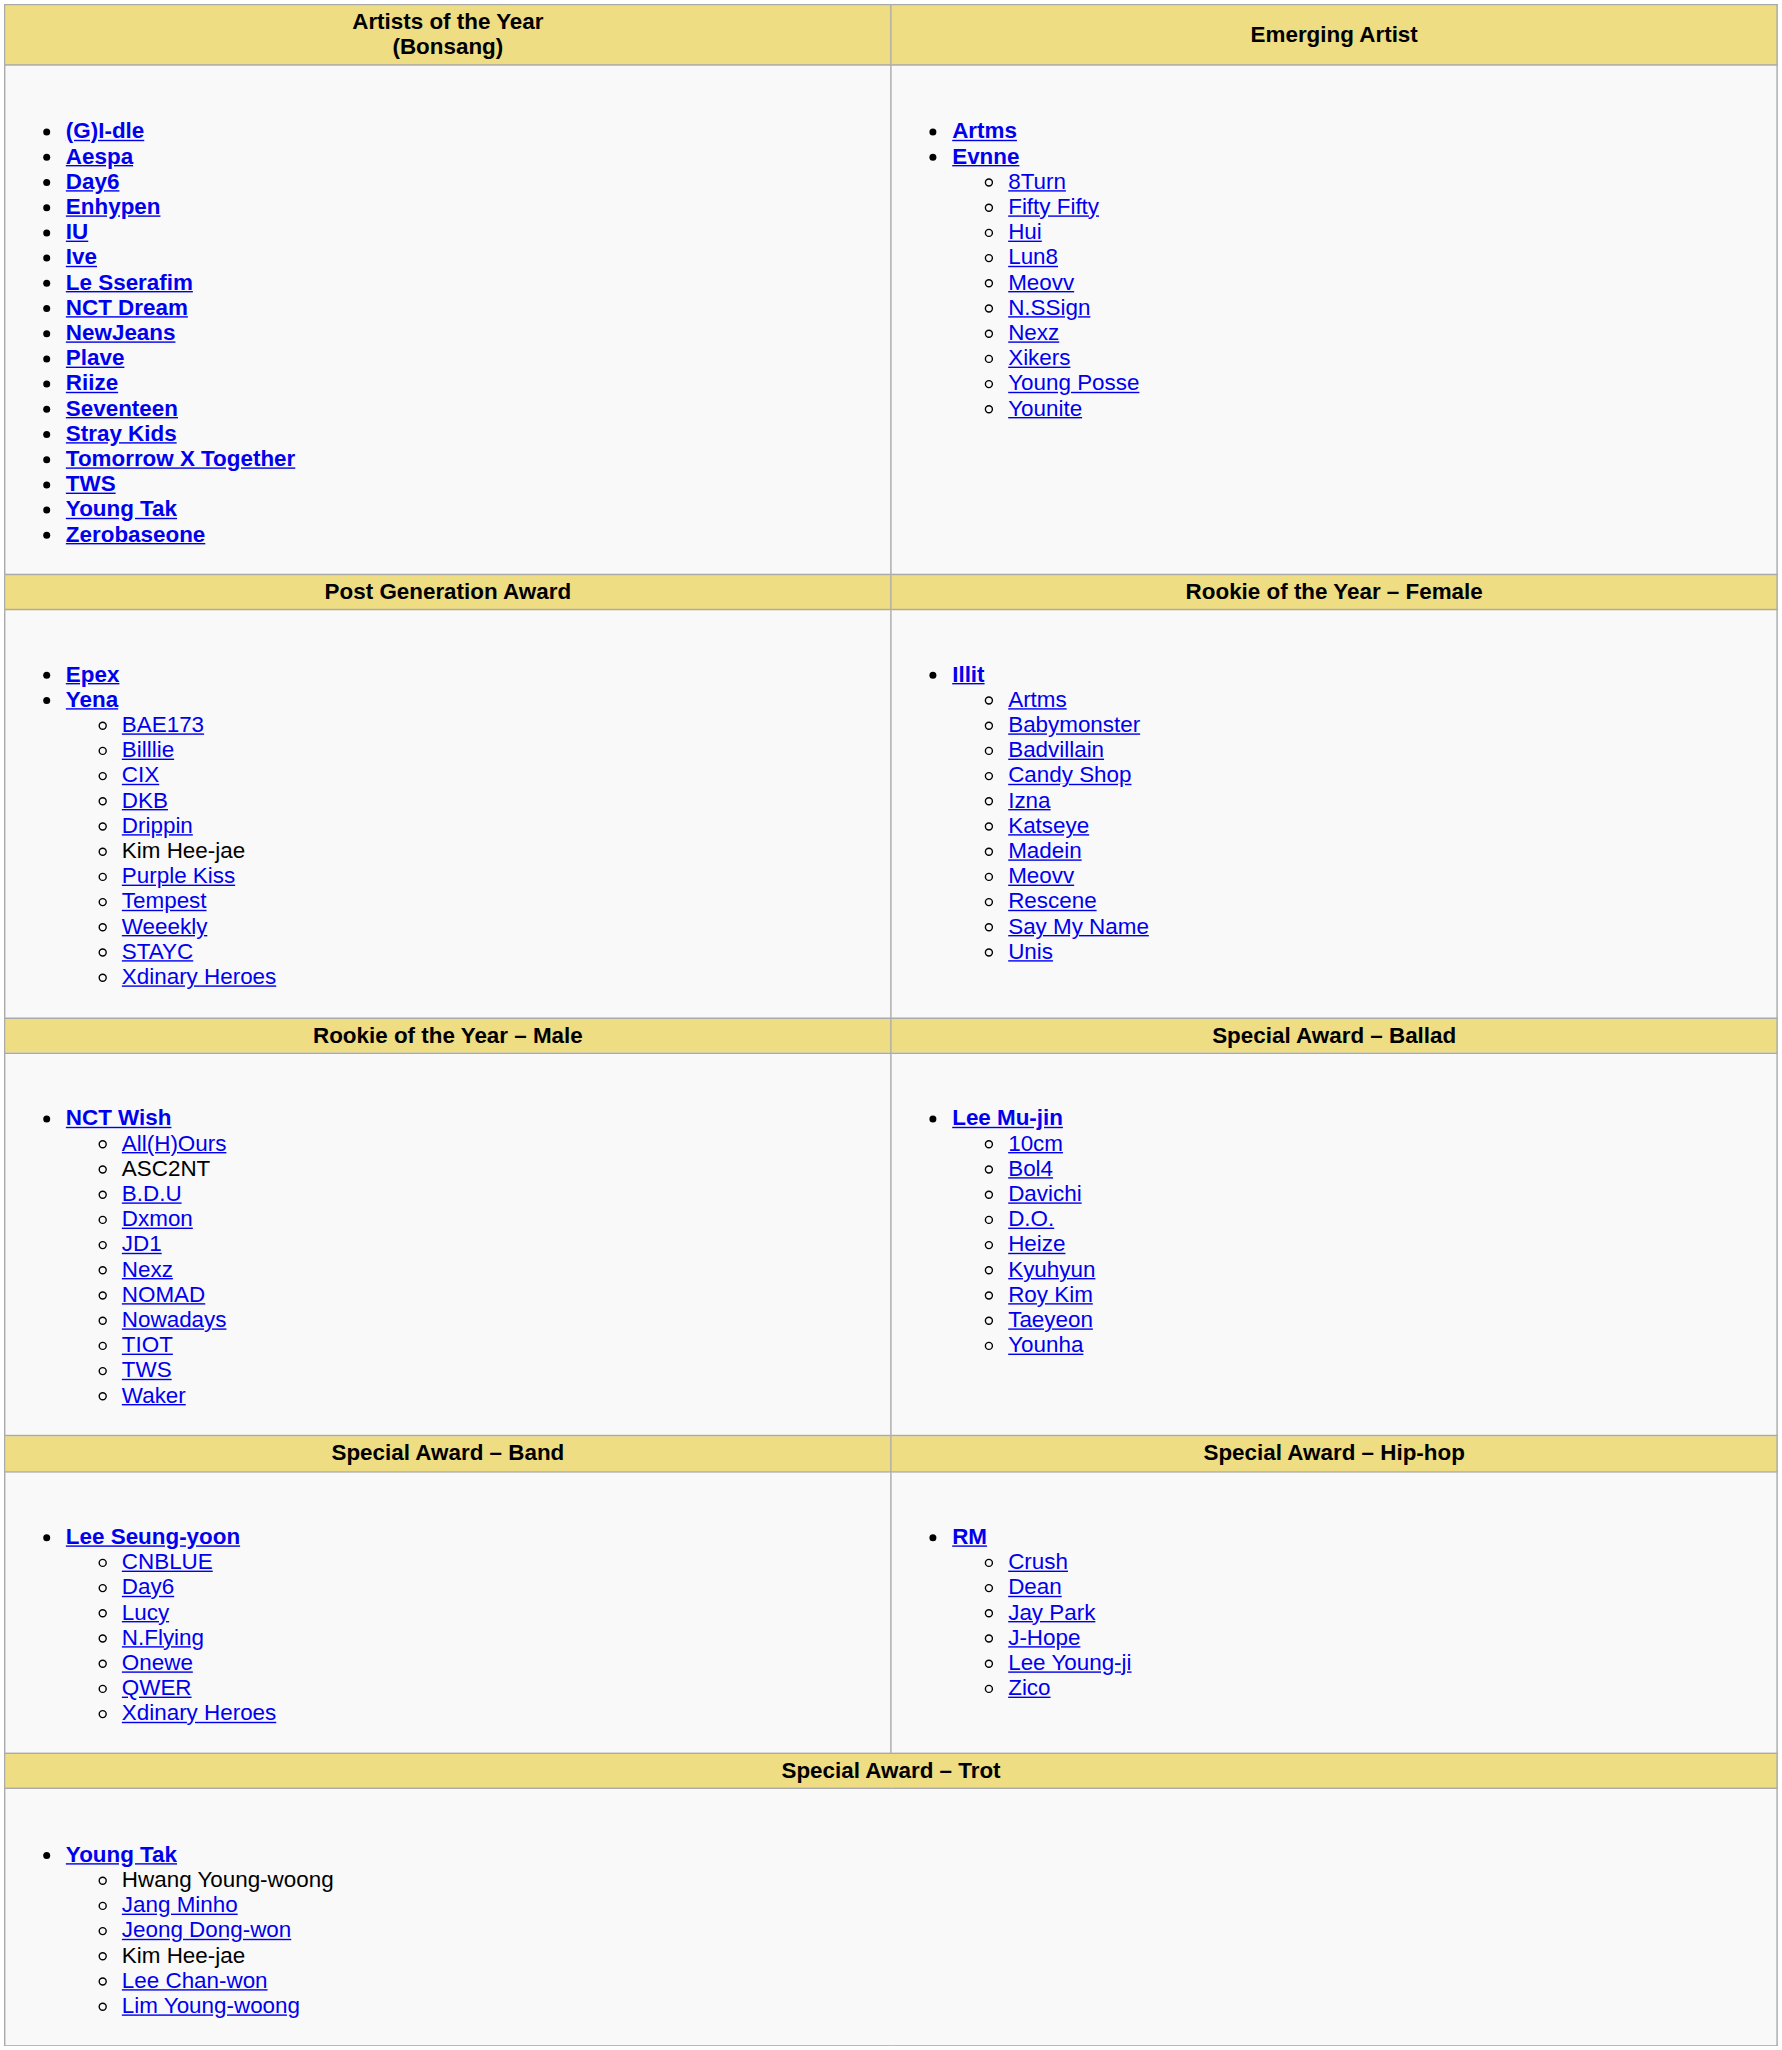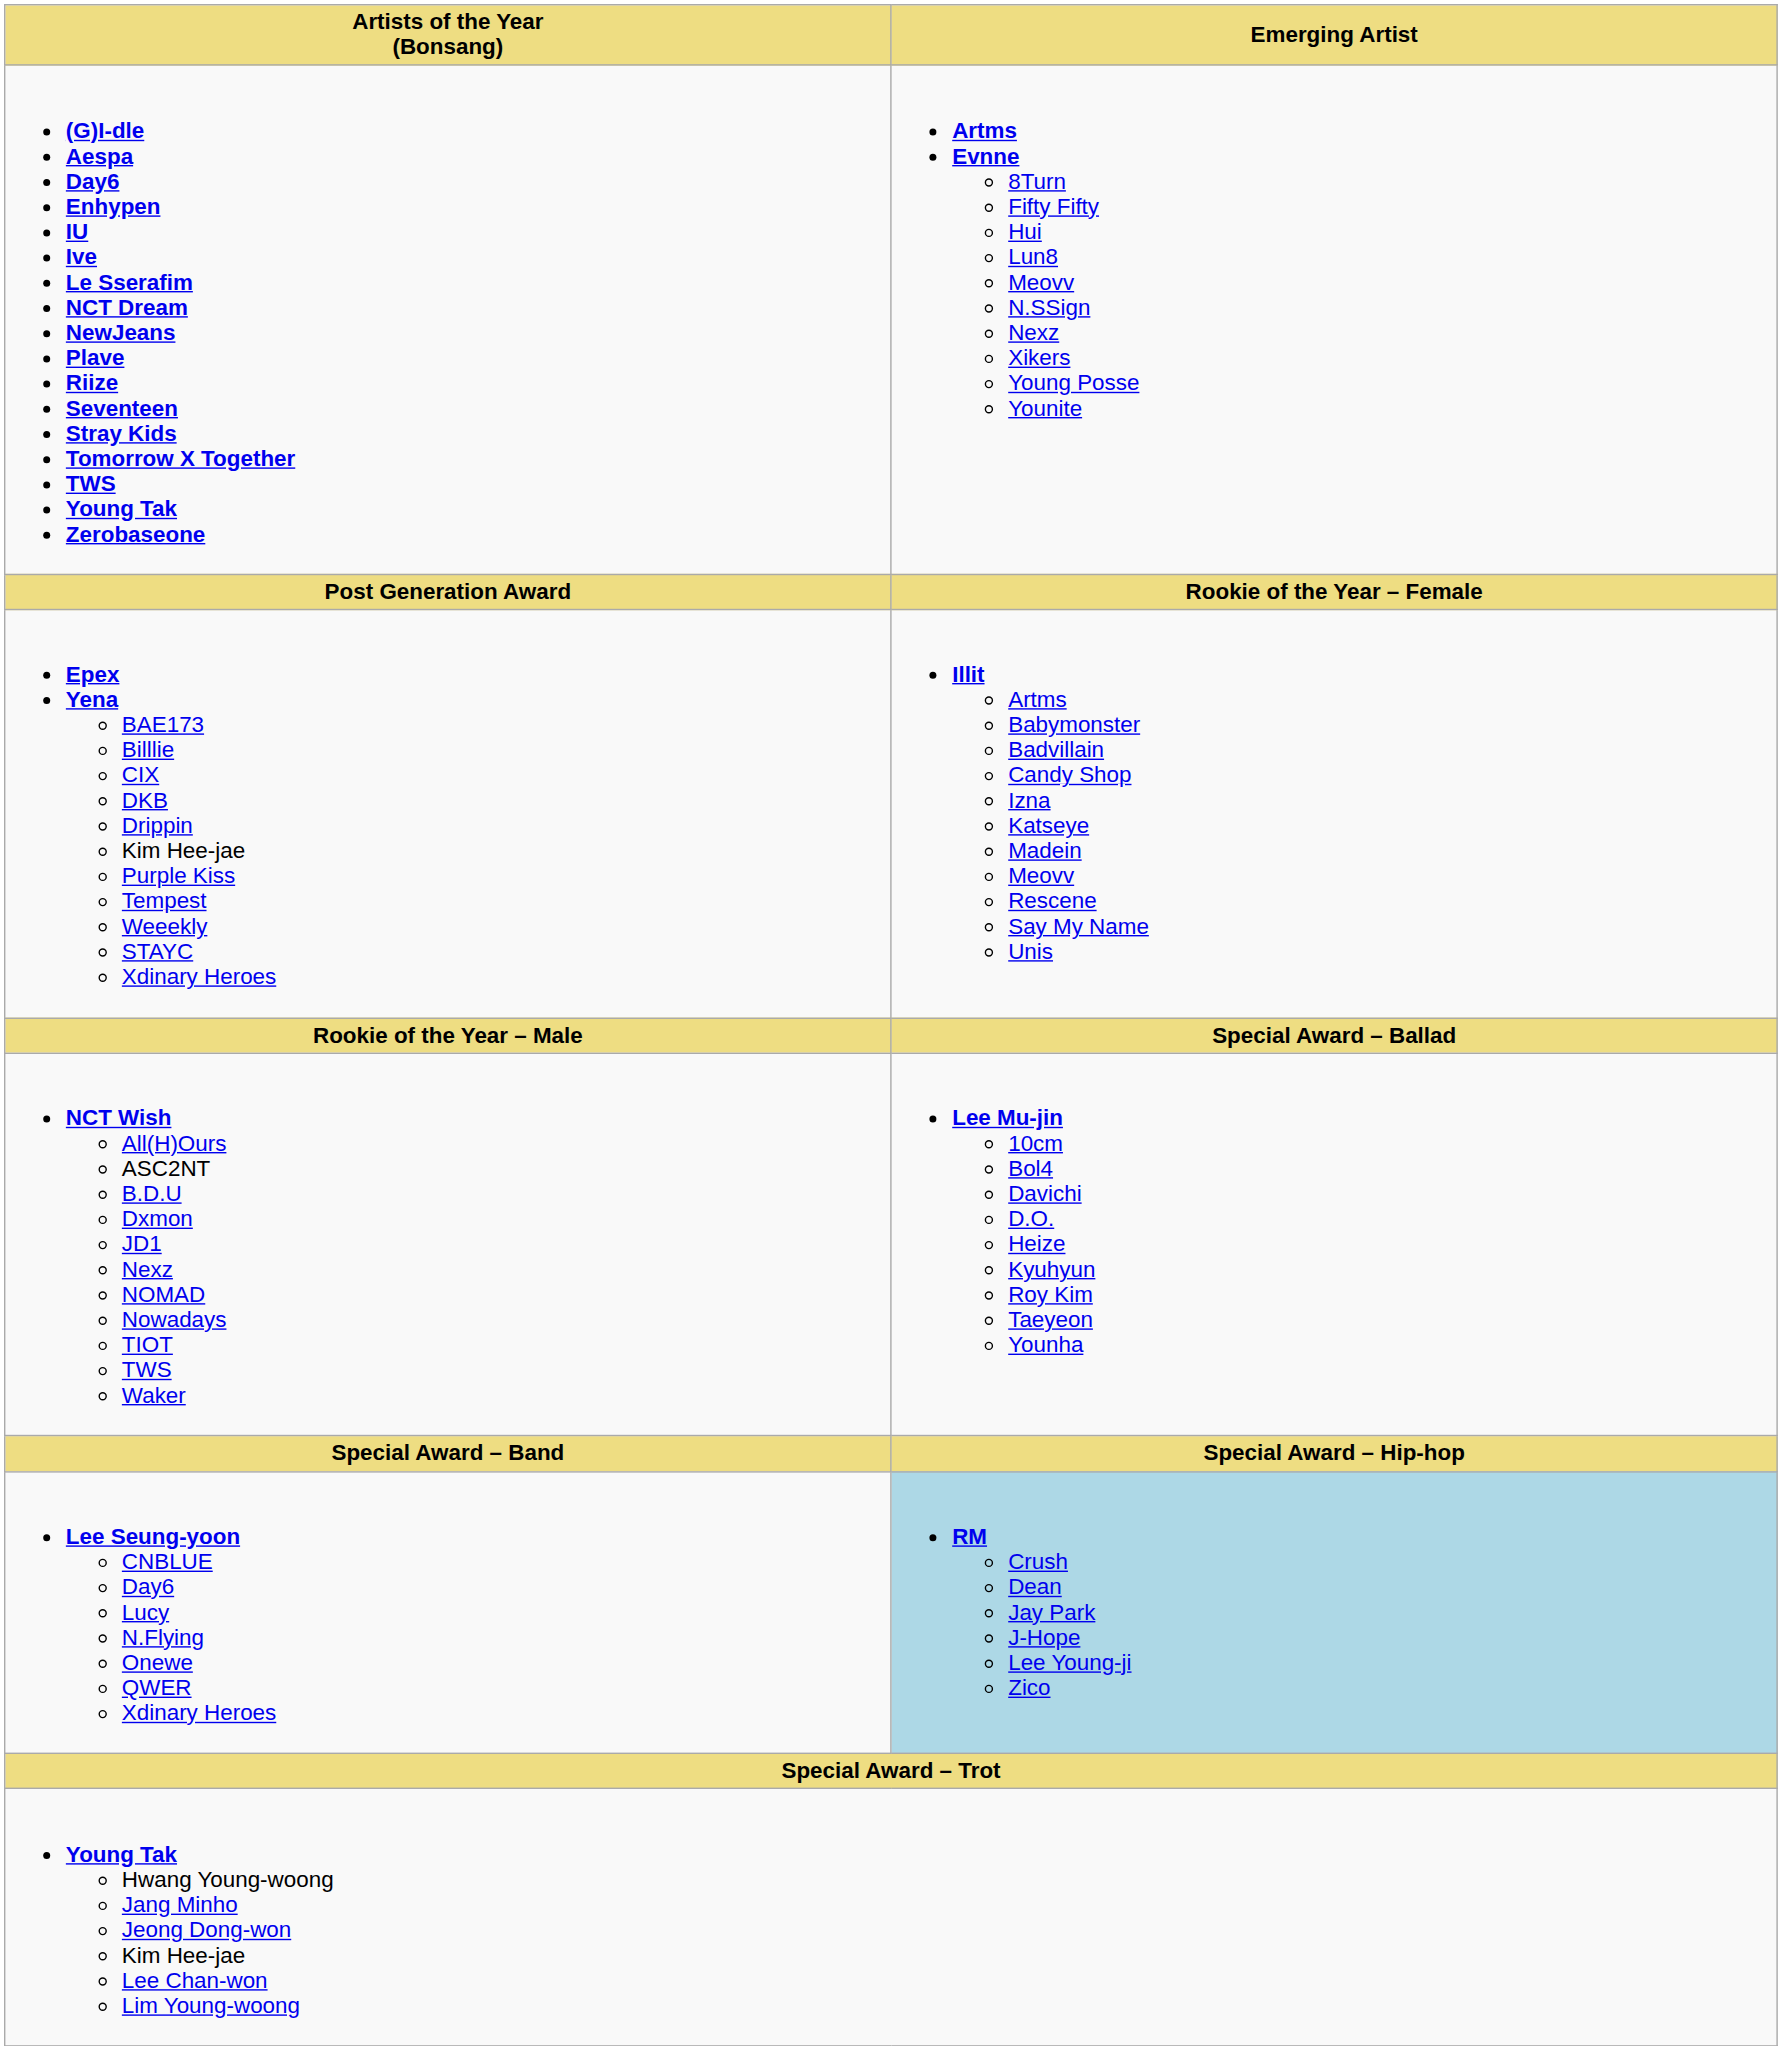 <table class="wikitable" style="width:80%">
 <tr>
 <th scope="col" style="background:#EEDD82; width:40%">Artists of the Year <br> (Bonsang)</th>
 <th scope="col" style="background:#EEDD82; width:40%">Emerging Artist</th>
 </tr>
 <tr>
 <td style="vertical-align:top"><br><ul><li><strong><a href='#'>(G)I-dle</a></strong></li><li><strong><a href='#'>Aespa</a></strong></li><li><strong><a href='#'>Day6</a></strong></li><li><strong><a href='#'>Enhypen</a></strong></li><li><strong><a href='#'>IU</a></strong></li><li><strong><a href='#'>Ive</a></strong></li><li><strong><a href='#'>Le Sserafim</a></strong></li><li><strong><a href='#'>NCT Dream</a></strong></li><li><strong><a href='#'>NewJeans</a></strong></li><li><strong><a href='#'>Plave</a></strong></li><li><strong><a href='#'>Riize</a></strong></li><li><strong><a href='#'>Seventeen</a></strong></li><li><strong><a href='#'>Stray Kids</a></strong></li><li><strong><a href='#'>Tomorrow X Together</a></strong></li><li><strong><a href='#'>TWS</a></strong></li><li><strong><a href='#'>Young Tak</a></strong></li><li><strong><a href='#'>Zerobaseone</a></strong></li></ul></td>
 <td style="vertical-align:top"><br><ul><li><strong><a href='#'>Artms</a></strong></li><li><strong><a href='#'>Evnne</a></strong><ul><li><a href='#'>8Turn</a></li><li><a href='#'>Fifty Fifty</a></li><li><a href='#'>Hui</a></li><li><a href='#'>Lun8</a></li><li><a href='#'>Meovv</a></li><li><a href='#'>N.SSign</a></li><li><a href='#'>Nexz</a></li><li><a href='#'>Xikers</a></li><li><a href='#'>Young Posse</a></li><li><a href='#'>Younite</a></li></ul></li></ul></td>
 </tr>
 <tr>
 <th scope="col" style="background:#EEDD82; width:40%">Post Generation Award</th>
 <th scope="col" style="background:#EEDD82; width:40%">Rookie of the Year – Female</th>
 </tr>
 <tr>
 <td style="vertical-align:top"><br><ul><li><strong><a href='#'>Epex</a></strong></li><li><strong><a href='#'>Yena</a></strong><ul><li><a href='#'>BAE173</a></li><li><a href='#'>Billlie</a></li><li><a href='#'>CIX</a></li><li><a href='#'>DKB</a></li><li><a href='#'>Drippin</a></li><li>Kim Hee-jae</li><li><a href='#'>Purple Kiss</a></li><li><a href='#'>Tempest</a></li><li><a href='#'>Weeekly</a></li><li><a href='#'>STAYC</a></li><li><a href='#'>Xdinary Heroes</a></li></ul></li></ul></td>
 <td style="vertical-align:top"><br><ul><li><strong><a href='#'>Illit</a></strong><ul><li><a href='#'>Artms</a></li><li><a href='#'>Babymonster</a></li><li><a href='#'>Badvillain</a></li><li><a href='#'>Candy Shop</a></li><li><a href='#'>Izna</a></li><li><a href='#'>Katseye</a></li><li><a href='#'>Madein</a></li><li><a href='#'>Meovv</a></li><li><a href='#'>Rescene</a></li><li><a href='#'>Say My Name</a></li><li><a href='#'>Unis</a></li></ul></li></ul></td>
 </tr>
 <tr>
 <th scope="col" style="background:#EEDD82; width:40%">Rookie of the Year – Male</th>
 <th scope="col" style="background:#EEDD82; width:40%">Special Award – Ballad</th>
 </tr>
 <tr>
 <td style="vertical-align:top"><br><ul><li><strong><a href='#'>NCT Wish</a></strong><ul><li><a href='#'>All(H)Ours</a></li><li>ASC2NT</li><li><a href='#'>B.D.U</a></li><li><a href='#'>Dxmon</a></li><li><a href='#'>JD1</a></li><li><a href='#'>Nexz</a></li><li><a href='#'>NOMAD</a></li><li><a href='#'>Nowadays</a></li><li><a href='#'>TIOT</a></li><li><a href='#'>TWS</a></li><li><a href='#'>Waker</a></li></ul></li></ul></td>
 <td style="vertical-align:top"><br><ul><li><strong><a href='#'>Lee Mu-jin</a></strong><ul><li><a href='#'>10cm</a></li><li><a href='#'>Bol4</a></li><li><a href='#'>Davichi</a></li><li><a href='#'>D.O.</a></li><li><a href='#'>Heize</a></li><li><a href='#'>Kyuhyun</a></li><li><a href='#'>Roy Kim</a></li><li><a href='#'>Taeyeon</a></li><li><a href='#'>Younha</a></li></ul></li></ul></td>
 </tr>
 <tr>
 <th scope="col" style="background:#EEDD82; width:40%">Special Award – Band</th>
 <th scope="col" style="background:#EEDD82; width:40%">Special Award – Hip-hop</th>
 </tr>
 <tr>
 <td style="vertical-align:top"><br><ul><li><strong><a href='#'>Lee Seung-yoon</a></strong><ul><li><a href='#'>CNBLUE</a></li><li><a href='#'>Day6</a></li><li><a href='#'>Lucy</a></li><li><a href='#'>N.Flying</a></li><li><a href='#'>Onewe</a></li><li><a href='#'>QWER</a></li><li><a href='#'>Xdinary Heroes</a></li></ul></li></ul></td>
-<td style="vertical-align:top"><br><ul><li><strong><a href='#'>RM</a></strong><ul><li><a href='#'>Crush</a></li><li><a href='#'>Dean</a></li><li><a href='#'>Jay Park</a></li><li><a href='#'>J-Hope</a></li><li><a href='#'>Lee Young-ji</a></li><li><a href='#'>Zico</a></li></ul></li></ul></td>
+<td style="background: lightblue; vertical-align:top"><br><ul><li><strong><a href='#'>RM</a></strong><ul><li><a href='#'>Crush</a></li><li><a href='#'>Dean</a></li><li><a href='#'>Jay Park</a></li><li><a href='#'>J-Hope</a></li><li><a href='#'>Lee Young-ji</a></li><li><a href='#'>Zico</a></li></ul></li></ul></td>
 </tr>
 <tr>
 <th scope="col" colspan="2" style="background:#EEDD82; width:40%">Special Award – Trot</th>
 </tr>
 <tr>
 <td colspan="2" style="vertical-align:top"><br><ul><li><strong><a href='#'>Young Tak</a></strong><ul><li>Hwang Young-woong</li><li><a href='#'>Jang Minho</a></li><li><a href='#'>Jeong Dong-won</a></li><li>Kim Hee-jae</li><li><a href='#'>Lee Chan-won</a></li><li><a href='#'>Lim Young-woong</a></li></ul></li></ul></td>
 </tr>
 </table>
